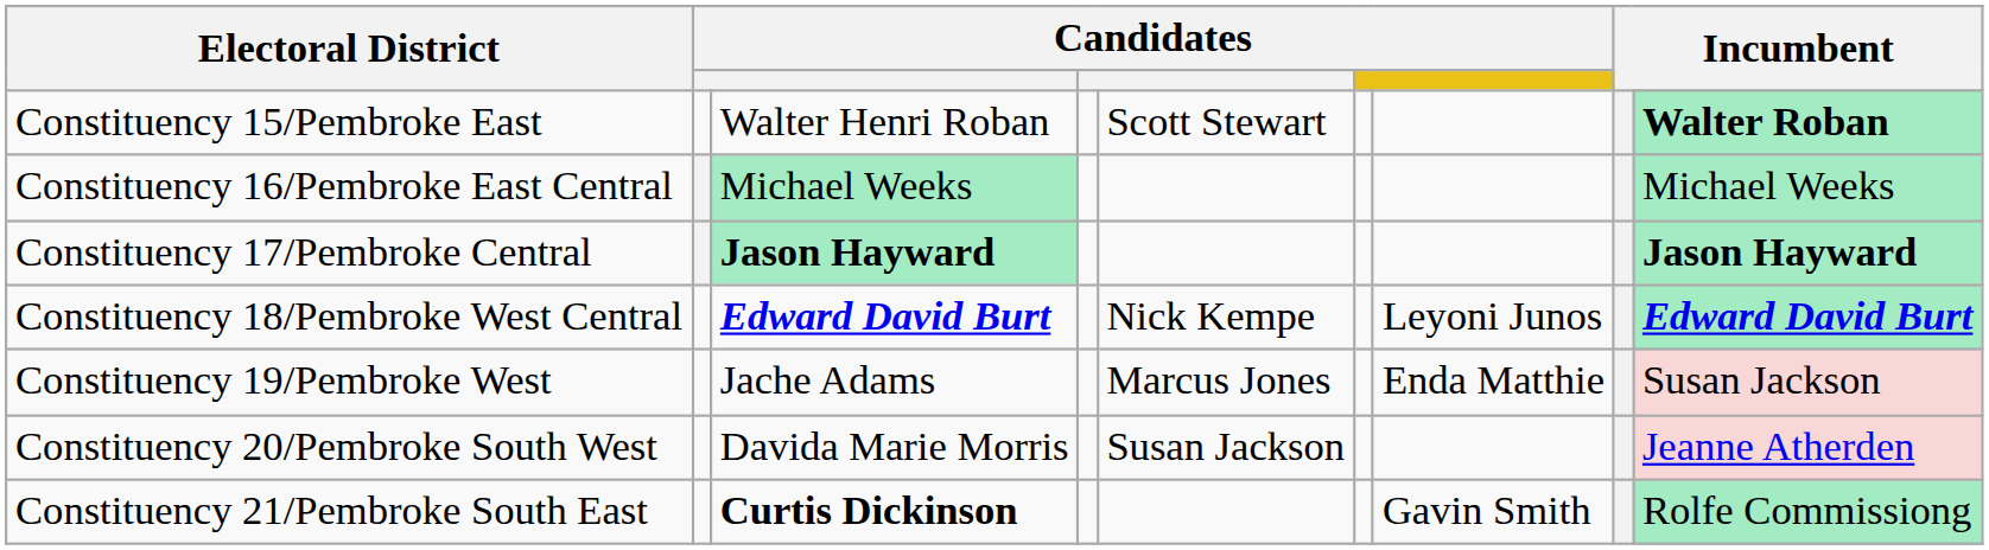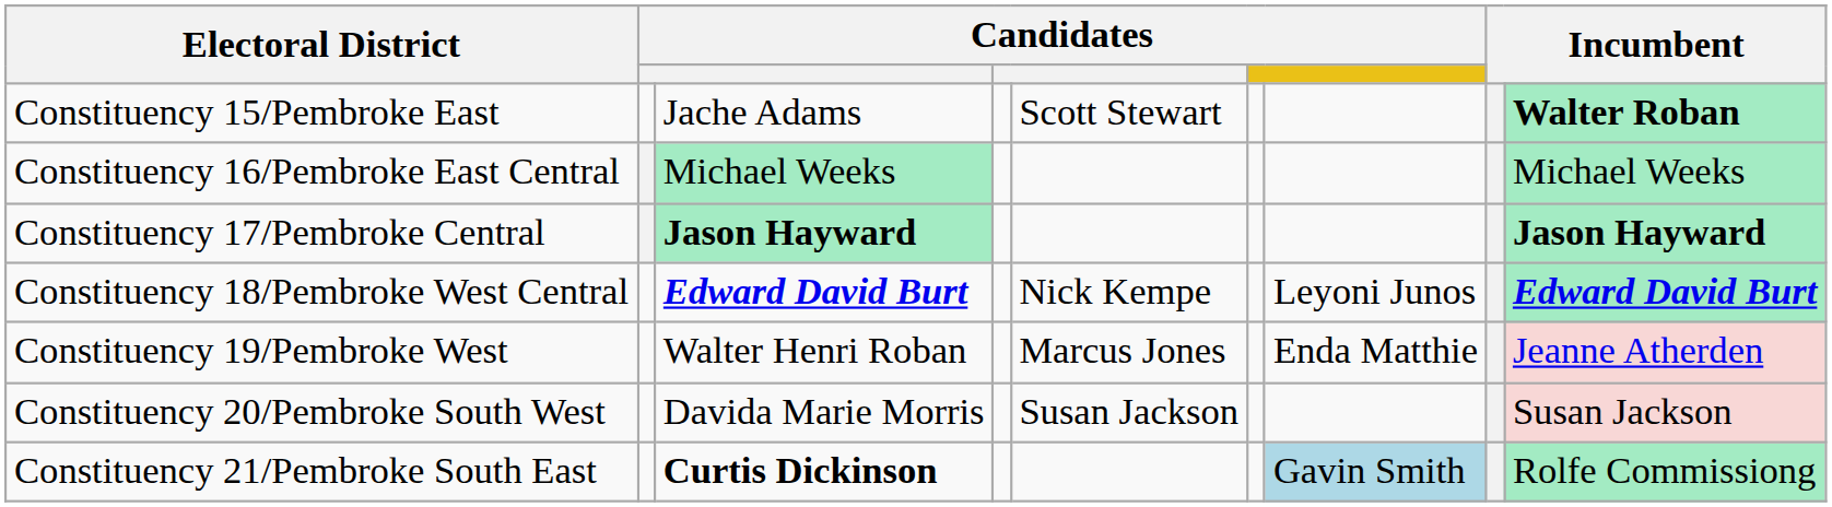 <table class="wikitable">
 <tr>
 <th rowspan="2">Electoral District</th>
 <th colspan="6">Candidates</th>
 <th colspan="2" rowspan="2">Incumbent</th>
 </tr>
 <tr>
 <th colspan="2" style="background:"><a href='#'></a></th>
 <th colspan="2" style="background:"><a href='#'></a></th>
 <td colspan="2" style="background:#EAC117"><a href='#'></a></td>
 </tr>
 <tr>
 <td>Constituency 15/Pembroke East</td>
 <td></td>
-<td>Walter Henri Roban</td>
+<td>Jache Adams</td>
 <td></td>
 <td>Scott Stewart</td>
 <td></td>
 <td></td>
 <th style="background:"></th>
 <td style="background:#a3ebc3"><strong>Walter Roban</strong></td>
 </tr>
 <tr>
 <td>Constituency 16/Pembroke East Central</td>
 <th style="background:"></th>
 <td style="background:#a3ebc3">Michael Weeks</td>
 <td></td>
 <td></td>
 <td></td>
 <td></td>
 <th style="background:"></th>
 <td style="background:#a3ebc3">Michael Weeks</td>
 </tr>
 <tr>
 <td>Constituency 17/Pembroke Central</td>
 <th style="background:"></th>
 <td style="background:#a3ebc3"><strong>Jason Hayward</strong></td>
 <td></td>
 <td></td>
 <td></td>
 <td></td>
 <th style="background:"></th>
 <td style="background:#a3ebc3"><strong>Jason Hayward</strong></td>
 </tr>
 <tr>
 <td>Constituency 18/Pembroke West Central</td>
 <td></td>
 <td><strong><em><a href='#'>Edward David Burt</a></em></strong></td>
 <td></td>
 <td>Nick Kempe</td>
 <td></td>
 <td>Leyoni Junos</td>
 <th style="background:"></th>
 <td style="background:#a3ebc3"><strong><em><a href='#'>Edward David Burt</a></em></strong></td>
 </tr>
 <tr>
 <td>Constituency 19/Pembroke West</td>
 <td></td>
-<td>Jache Adams</td>
+<td>Walter Henri Roban</td>
 <td></td>
 <td>Marcus Jones</td>
 <td></td>
 <td>Enda Matthie</td>
 <th style="background:"></th>
-<td style="background:#F8D7D6;">Susan Jackson</td>
+<td style="background:#F8D7D6;"><a href='#'>Jeanne Atherden</a></td>
 </tr>
 <tr>
 <td>Constituency 20/Pembroke South West</td>
 <td></td>
 <td>Davida Marie Morris</td>
 <td></td>
 <td>Susan Jackson</td>
 <td></td>
 <td></td>
 <th style="background:"></th>
-<td style="background:#F8D7D6;"><a href='#'>Jeanne Atherden</a></td>
+<td style="background:#F8D7D6;">Susan Jackson</td>
 </tr>
 <tr>
 <td>Constituency 21/Pembroke South East</td>
 <td></td>
 <td><strong>Curtis Dickinson</strong></td>
 <td></td>
 <td></td>
 <td></td>
-<td>Gavin Smith</td>
+<td style="background: lightblue;">Gavin Smith</td>
 <th style="background:"></th>
 <td style="background:#a3ebc3">Rolfe Commissiong</td>
 </tr>
 </table>
